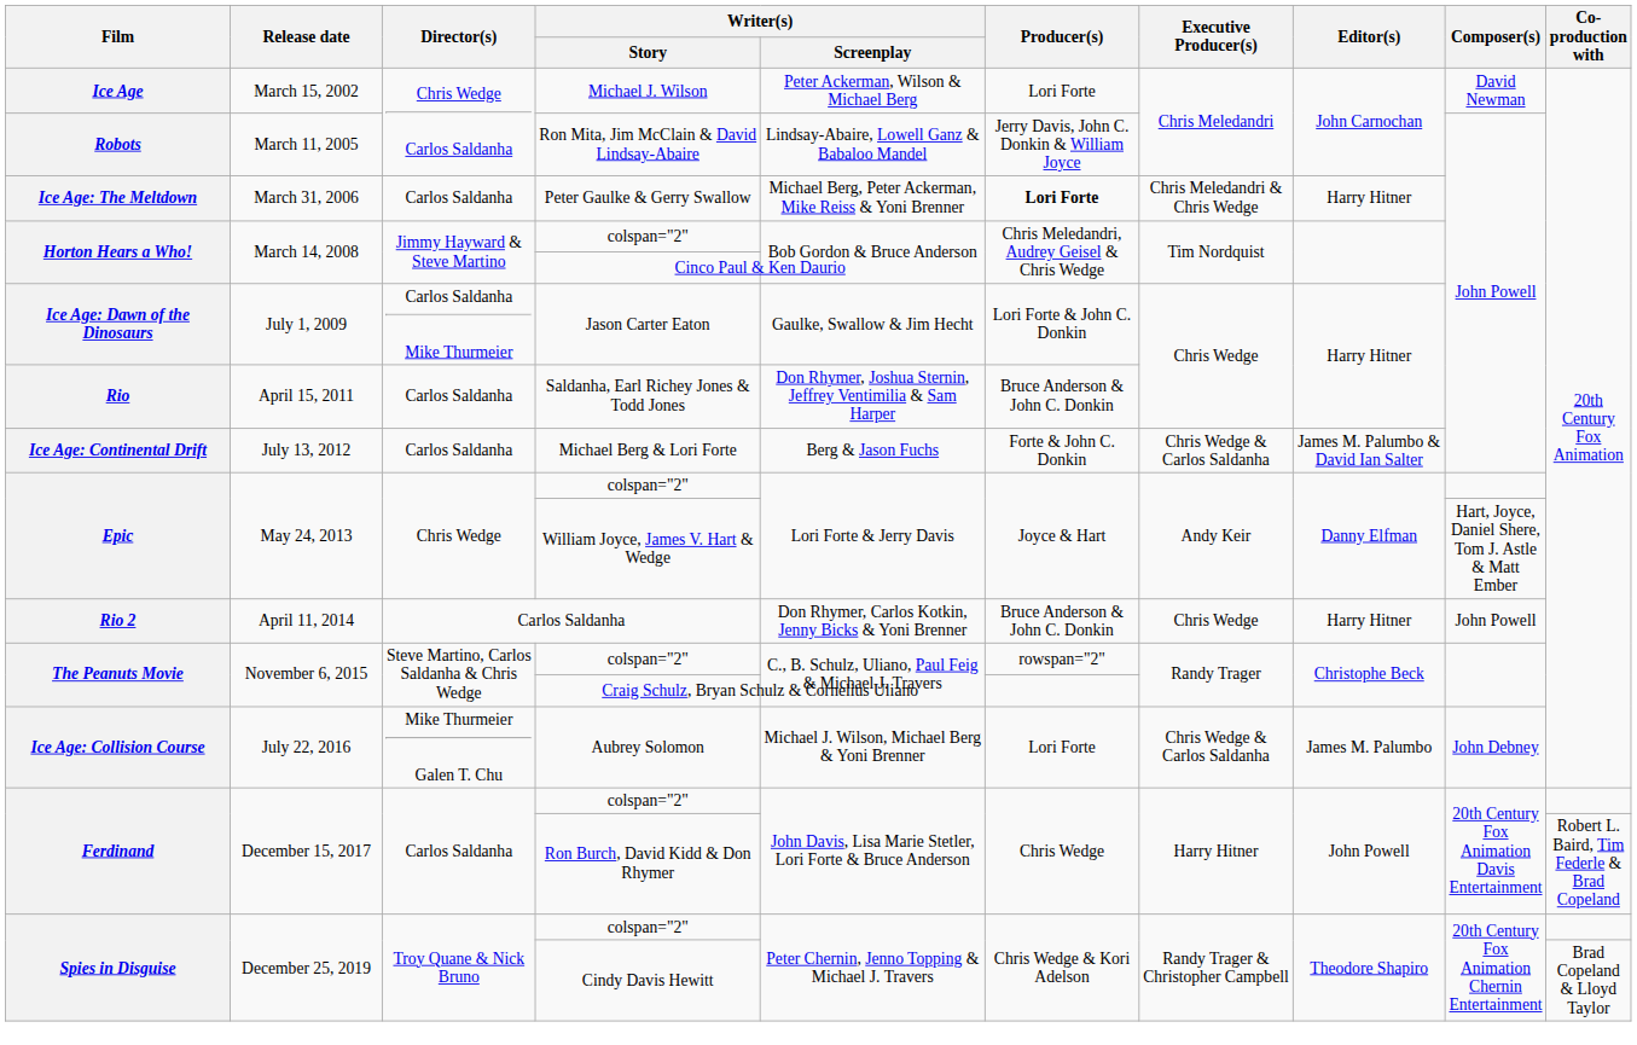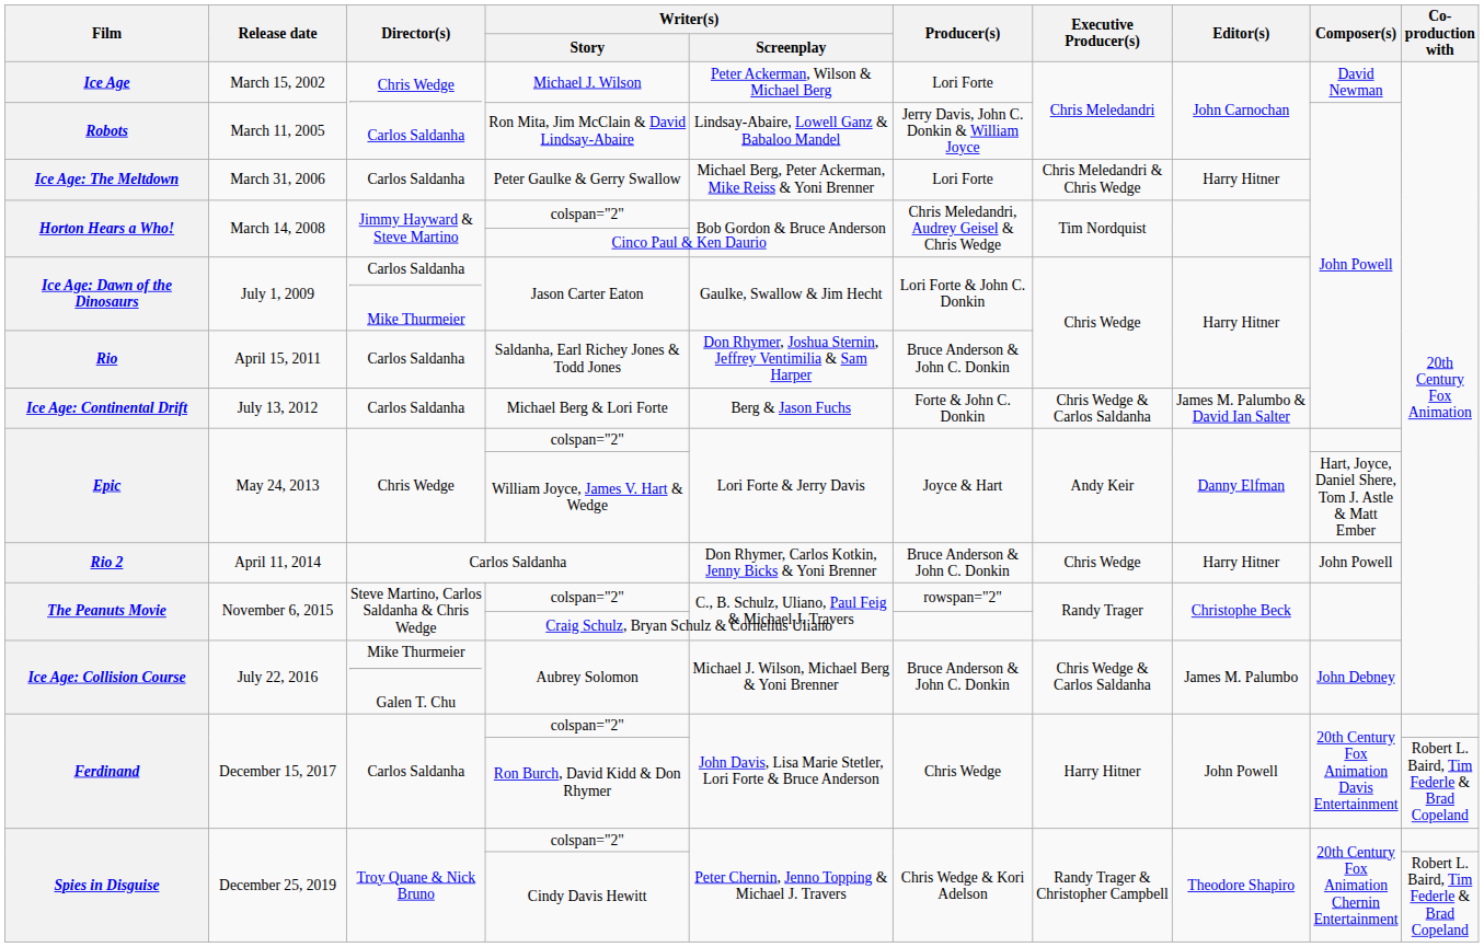 <table class="wikitable plainrowheaders sortable" style="text-align:center; margin=auto; width:100%;">
 <tr>
 <th rowspan="2" width="15%">Film</th>
 <th rowspan="2" width="10%">Release date</th>
 <th rowspan="2" width="10%">Director(s)</th>
 <th colspan="2" width="20%">Writer(s)</th>
 <th rowspan="2" width="10%">Producer(s)</th>
 <th rowspan="2" width="10%">Executive Producer(s)</th>
 <th rowspan="2" width="10%">Editor(s)</th>
 <th rowspan="2" width="10%">Composer(s)</th>
 <th rowspan="2" width="10%">Co-production with</th>
 </tr>
 <tr>
 <th width="15%">Story</th>
 <th width="15%">Screenplay</th>
 </tr>
 <tr>
 <th scope="row" style="text-align:center;"><em><a href='#'>Ice Age</a></em></th>
 <td>March 15, 2002</td>
 <td rowspan="2"><a href='#'>Chris Wedge</a><hr><br><a href='#'>Carlos Saldanha</a></td>
 <td><a href='#'>Michael J. Wilson</a></td>
 <td><a href='#'>Peter Ackerman</a>, Wilson & <a href='#'>Michael Berg</a></td>
 <td>Lori Forte</td>
 <td rowspan="2"><a href='#'>Chris Meledandri</a></td>
 <td rowspan="2"><a href='#'>John Carnochan</a></td>
 <td><a href='#'>David Newman</a></td>
 <td rowspan="14"><a href='#'>20th Century Fox Animation</a></td>
 </tr>
 <tr>
 <th scope="row" style="text-align:center;"><em><a href='#'>Robots</a></em></th>
 <td>March 11, 2005</td>
 <td>Ron Mita, Jim McClain & <a href='#'>David Lindsay-Abaire</a></td>
 <td>Lindsay-Abaire, <a href='#'>Lowell Ganz</a> & <a href='#'>Babaloo Mandel</a></td>
 <td>Jerry Davis, John C. Donkin & <a href='#'>William Joyce</a></td>
 <td rowspan="7"><a href='#'>John Powell</a></td>
 </tr>
 <tr>
 <th scope="row" style="text-align:center;"><em><a href='#'>Ice Age: The Meltdown</a></em></th>
 <td>March 31, 2006</td>
 <td>Carlos Saldanha</td>
 <td>Peter Gaulke & Gerry Swallow</td>
 <td>Michael Berg, Peter Ackerman, <a href='#'>Mike Reiss</a> & Yoni Brenner</td>
-<td><strong>Lori Forte</strong></td>
+<td>Lori Forte</td>
 <td>Chris Meledandri & Chris Wedge</td>
 <td>Harry Hitner</td>
 </tr>
 <tr>
 <th rowspan="2" scope="row" style="text-align:center;"><em><a href='#'>Horton Hears a Who!</a></em></th>
 <td rowspan="2">March 14, 2008</td>
 <td rowspan="2"><a href='#'>Jimmy Hayward</a> & <a href='#'>Steve Martino</a></td>
 <td>colspan="2" </td>
 <td rowspan="2">Bob Gordon & Bruce Anderson</td>
 <td rowspan="2">Chris Meledandri, <a href='#'>Audrey Geisel</a> & Chris Wedge</td>
 <td rowspan="2">Tim Nordquist</td>
 </tr>
 <tr>
 <td colspan="2"><a href='#'>Cinco Paul & Ken Daurio</a></td>
 </tr>
 <tr>
 <th scope="row" style="text-align:center;"><em><a href='#'>Ice Age: Dawn of the Dinosaurs</a></em></th>
 <td>July 1, 2009</td>
 <td>Carlos Saldanha<hr><br><a href='#'>Mike Thurmeier</a></td>
 <td>Jason Carter Eaton</td>
 <td>Gaulke, Swallow & Jim Hecht</td>
 <td>Lori Forte & John C. Donkin</td>
 <td rowspan="2">Chris Wedge</td>
 <td rowspan="2">Harry Hitner</td>
 </tr>
 <tr>
 <th scope="row" style="text-align:center;"><em><a href='#'>Rio</a></em></th>
 <td>April 15, 2011</td>
 <td>Carlos Saldanha</td>
 <td>Saldanha, Earl Richey Jones & Todd Jones</td>
 <td><a href='#'>Don Rhymer</a>, <a href='#'>Joshua Sternin</a>, <a href='#'>Jeffrey Ventimilia</a> & <a href='#'>Sam Harper</a></td>
 <td>Bruce Anderson & John C. Donkin</td>
 </tr>
 <tr>
 <th scope="row" style="text-align:center;"><em><a href='#'>Ice Age: Continental Drift</a></em></th>
 <td>July 13, 2012</td>
 <td>Carlos Saldanha</td>
 <td>Michael Berg & Lori Forte</td>
 <td>Berg & <a href='#'>Jason Fuchs</a></td>
 <td>Forte & John C. Donkin</td>
 <td>Chris Wedge & Carlos Saldanha</td>
 <td>James M. Palumbo & <a href='#'>David Ian Salter</a></td>
 </tr>
 <tr>
 <th rowspan="2" scope="row" style="text-align:center;"><em><a href='#'>Epic</a></em></th>
 <td rowspan="2">May 24, 2013</td>
 <td rowspan="2">Chris Wedge</td>
 <td>colspan="2" </td>
 <td rowspan="2">Lori Forte & Jerry Davis</td>
 <td rowspan="2">Joyce & Hart</td>
 <td rowspan="2">Andy Keir</td>
 <td rowspan="2"><a href='#'>Danny Elfman</a></td>
 </tr>
 <tr>
 <td>William Joyce, <a href='#'>James V. Hart</a> & Wedge</td>
 <td>Hart, Joyce, Daniel Shere, Tom J. Astle & Matt Ember</td>
 </tr>
 <tr>
 <th scope="row" style="text-align:center;"><em><a href='#'>Rio 2</a></em></th>
 <td>April 11, 2014</td>
 <td colspan="2">Carlos Saldanha</td>
 <td>Don Rhymer, Carlos Kotkin, <a href='#'>Jenny Bicks</a> & Yoni Brenner</td>
 <td>Bruce Anderson & John C. Donkin</td>
 <td>Chris Wedge</td>
 <td>Harry Hitner</td>
 <td>John Powell</td>
 </tr>
 <tr>
 <th rowspan="2" scope="row" style="text-align:center;"><em><a href='#'>The Peanuts Movie</a></em></th>
 <td rowspan="2">November 6, 2015</td>
 <td rowspan="2">Steve Martino, Carlos Saldanha & Chris Wedge</td>
 <td>colspan="2" </td>
 <td rowspan="2">C., B. Schulz, Uliano, <a href='#'>Paul Feig</a> & Michael J. Travers</td>
 <td>rowspan="2" </td>
 <td rowspan="2">Randy Trager</td>
 <td rowspan="2"><a href='#'>Christophe Beck</a></td>
 </tr>
 <tr>
 <td colspan="2"><a href='#'>Craig Schulz</a>, Bryan Schulz & Cornelius Uliano</td>
 </tr>
 <tr>
 <th scope="row" style="text-align:center;"><em><a href='#'>Ice Age: Collision Course</a></em></th>
 <td>July 22, 2016</td>
 <td>Mike Thurmeier<hr><br>Galen T. Chu</td>
 <td>Aubrey Solomon</td>
 <td>Michael J. Wilson, Michael Berg & Yoni Brenner</td>
-<td>Lori Forte</td>
+<td>Bruce Anderson & John C. Donkin</td>
 <td>Chris Wedge & Carlos Saldanha</td>
 <td>James M. Palumbo</td>
 <td><a href='#'>John Debney</a></td>
 </tr>
 <tr>
 <th rowspan="2" scope="row" style="text-align:center;"><em><a href='#'>Ferdinand</a></em></th>
 <td rowspan="2">December 15, 2017</td>
 <td rowspan="2">Carlos Saldanha</td>
 <td>colspan="2" </td>
 <td rowspan="2"><a href='#'>John Davis</a>, Lisa Marie Stetler, Lori Forte & Bruce Anderson</td>
 <td rowspan="2">Chris Wedge</td>
 <td rowspan="2">Harry Hitner</td>
 <td rowspan="2">John Powell</td>
 <td rowspan="2"><a href='#'>20th Century Fox Animation</a><br><a href='#'>Davis Entertainment</a></td>
 </tr>
 <tr>
 <td><a href='#'>Ron Burch</a>, David Kidd & Don Rhymer</td>
 <td>Robert L. Baird, <a href='#'>Tim Federle</a> & <a href='#'>Brad Copeland</a></td>
 </tr>
 <tr>
 <th rowspan="2" scope="row" style="text-align:center;"><em><a href='#'>Spies in Disguise</a></em></th>
 <td rowspan="2">December 25, 2019</td>
 <td rowspan="2"><a href='#'>Troy Quane & Nick Bruno</a></td>
 <td>colspan="2" </td>
 <td rowspan="2"><a href='#'>Peter Chernin</a>, <a href='#'>Jenno Topping</a> & Michael J. Travers</td>
 <td rowspan="2">Chris Wedge & Kori Adelson</td>
 <td rowspan="2">Randy Trager & Christopher Campbell</td>
 <td rowspan="2"><a href='#'>Theodore Shapiro</a></td>
 <td rowspan="2"><a href='#'>20th Century Fox Animation</a><br><a href='#'>Chernin Entertainment</a></td>
 </tr>
 <tr>
 <td>Cindy Davis Hewitt</td>
-<td>Brad Copeland & Lloyd Taylor</td>
+<td>Robert L. Baird, <a href='#'>Tim Federle</a> & <a href='#'>Brad Copeland</a></td>
 </tr>
 </table>
